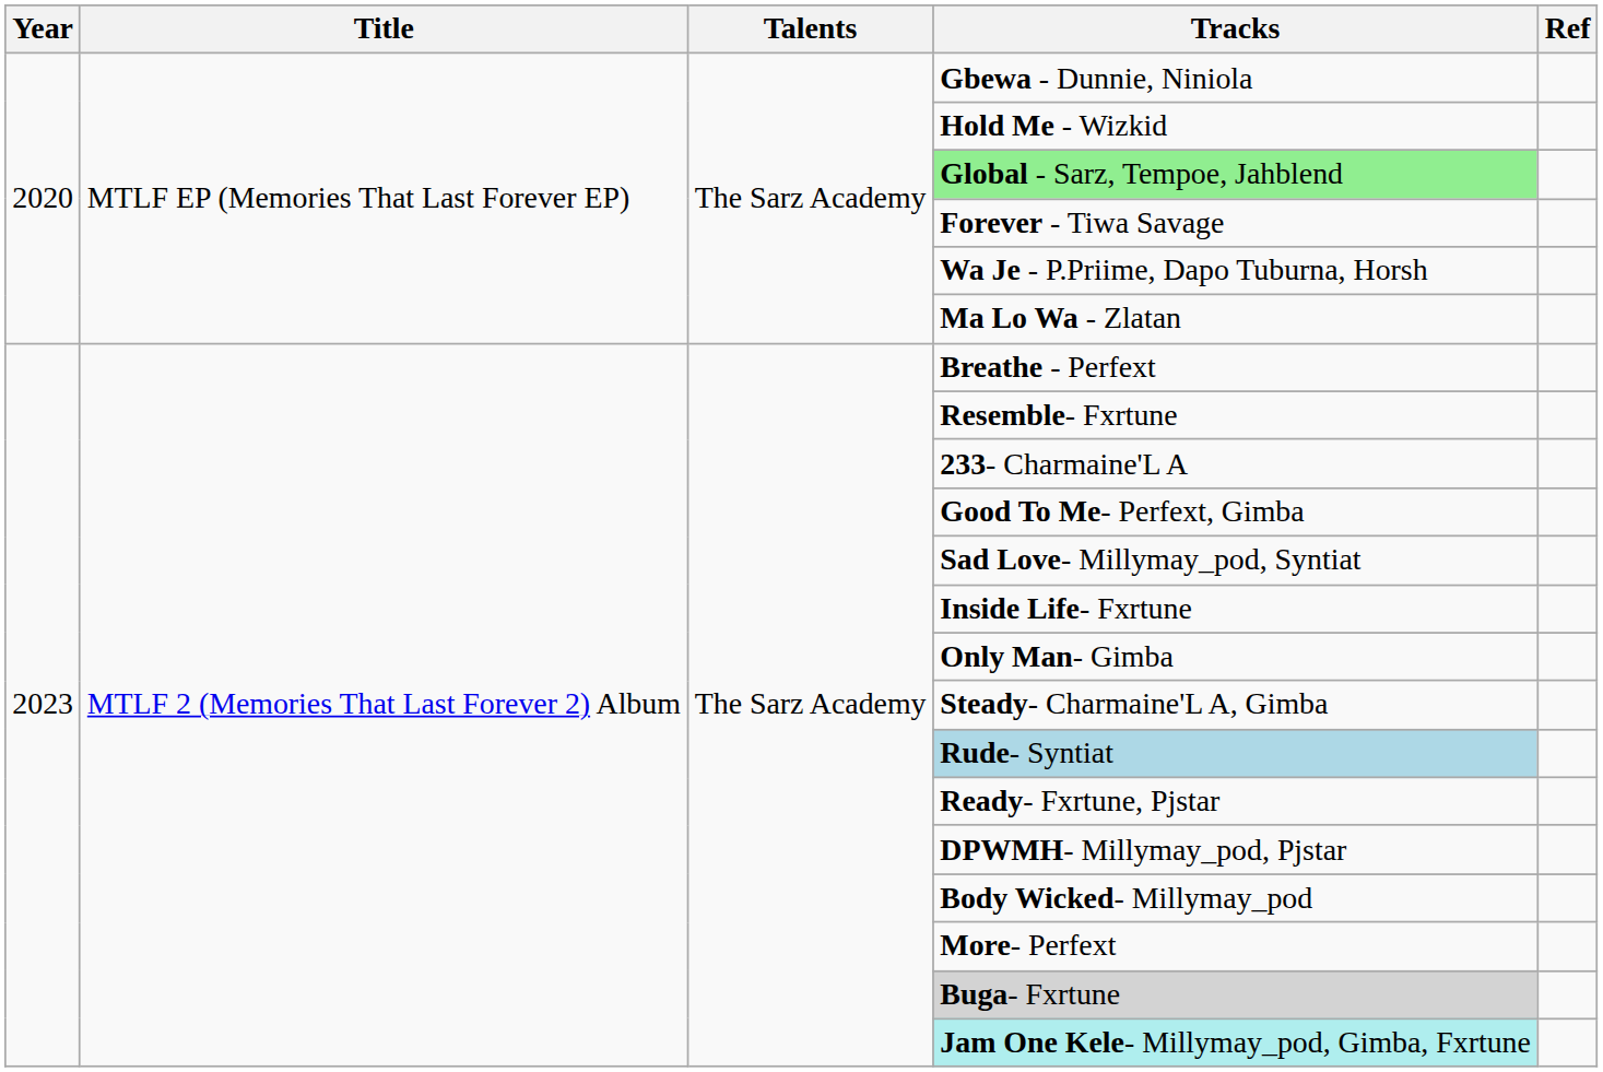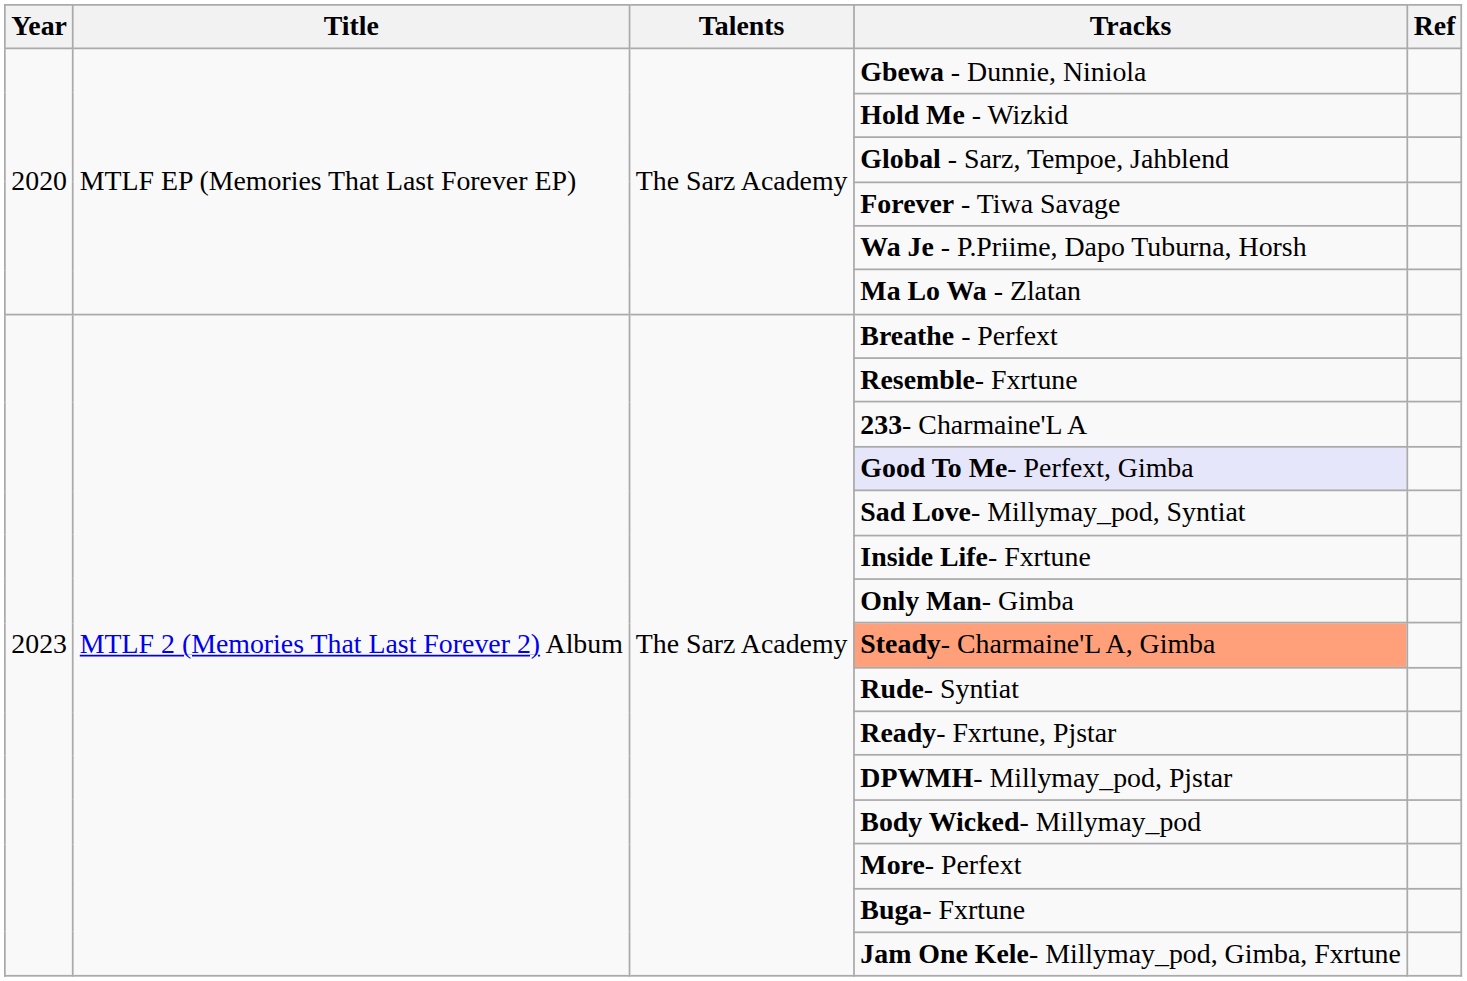 <table class ="wikitable">
 <tr>
 <th>Year</th>
 <th>Title</th>
 <th>Talents</th>
 <th>Tracks</th>
 <th>Ref</th>
 </tr>
 <tr>
 <td rowspan="6">2020</td>
 <td rowspan="6">MTLF EP (Memories That Last Forever EP)</td>
 <td rowspan="6">The Sarz Academy</td>
 <td><strong>Gbewa</strong> - Dunnie, Niniola</td>
 <td></td>
 </tr>
 <tr>
 <td><strong>Hold Me</strong> - Wizkid</td>
 <td></td>
 </tr>
 <tr>
-<td style="background: lightgreen;"><strong>Global</strong> - Sarz, Tempoe, Jahblend</td>
+<td><strong>Global</strong> - Sarz, Tempoe, Jahblend</td>
 <td></td>
 </tr>
 <tr>
 <td><strong>Forever</strong> - Tiwa Savage</td>
 <td></td>
 </tr>
 <tr>
 <td><strong>Wa Je</strong> - P.Priime, Dapo Tuburna, Horsh</td>
 <td></td>
 </tr>
 <tr>
 <td><strong>Ma Lo Wa</strong> - Zlatan</td>
 <td></td>
 </tr>
 <tr>
 <td rowspan="15">2023</td>
 <td rowspan="15"><a href='#'>MTLF 2 (Memories That Last Forever 2)</a> Album</td>
 <td rowspan="15">The Sarz Academy</td>
 <td><strong>Breathe</strong> - Perfext</td>
 <td></td>
 </tr>
 <tr>
 <td><strong>Resemble</strong>- Fxrtune</td>
 <td></td>
 </tr>
 <tr>
 <td><strong>233</strong>- Charmaine'L A</td>
 <td></td>
 </tr>
 <tr>
-<td><strong>Good To Me</strong>- Perfext, Gimba</td>
+<td style="background: lavender;"><strong>Good To Me</strong>- Perfext, Gimba</td>
 <td></td>
 </tr>
 <tr>
 <td><strong>Sad Love</strong>- Millymay_pod, Syntiat</td>
 <td></td>
 </tr>
 <tr>
 <td><strong>Inside Life</strong>- Fxrtune</td>
 <td></td>
 </tr>
 <tr>
 <td><strong>Only Man</strong>- Gimba</td>
 <td></td>
 </tr>
 <tr>
-<td><strong>Steady</strong>- Charmaine'L A, Gimba</td>
+<td style="background: lightsalmon;"><strong>Steady</strong>- Charmaine'L A, Gimba</td>
 <td></td>
 </tr>
 <tr>
-<td style="background: lightblue;"><strong>Rude</strong>- Syntiat</td>
+<td><strong>Rude</strong>- Syntiat</td>
 <td></td>
 </tr>
 <tr>
 <td><strong>Ready</strong>- Fxrtune, Pjstar</td>
 <td></td>
 </tr>
 <tr>
 <td><strong>DPWMH</strong>- Millymay_pod, Pjstar</td>
 <td></td>
 </tr>
 <tr>
 <td><strong>Body Wicked</strong>- Millymay_pod</td>
 <td></td>
 </tr>
 <tr>
 <td><strong>More</strong>- Perfext</td>
 <td></td>
 </tr>
 <tr>
-<td style="background: lightgrey;"><strong>Buga</strong>- Fxrtune</td>
+<td><strong>Buga</strong>- Fxrtune</td>
 <td></td>
 </tr>
 <tr>
-<td style="background: paleturquoise;"><strong>Jam One Kele</strong>- Millymay_pod, Gimba, Fxrtune</td>
+<td><strong>Jam One Kele</strong>- Millymay_pod, Gimba, Fxrtune</td>
 <td></td>
 </tr>
 </table>
